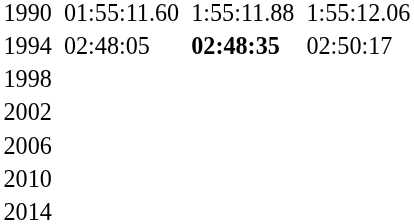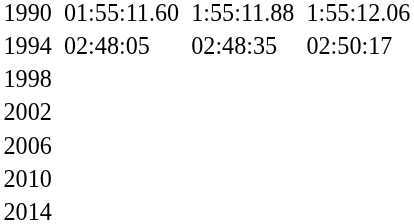 <table>
 <tr>
 <td>1990</td>
 <td></td>
 <td>01:55:11.60</td>
 <td></td>
 <td>1:55:11.88</td>
 <td></td>
 <td>1:55:12.06</td>
 </tr>
 <tr>
 <td>1994</td>
 <td></td>
 <td>02:48:05</td>
 <td></td>
-<td><strong>02:48:35</strong></td>
+<td>02:48:35</td>
 <td></td>
 <td>02:50:17</td>
 </tr>
 <tr>
 <td>1998</td>
 <td></td>
 <td></td>
 <td></td>
 <td></td>
 <td></td>
 <td></td>
 </tr>
 <tr>
 <td>2002</td>
 <td></td>
 <td></td>
 <td></td>
 <td></td>
 <td></td>
 <td></td>
 </tr>
 <tr>
 <td>2006<br></td>
 <td></td>
 <td></td>
 <td></td>
 <td></td>
 <td></td>
 <td></td>
 </tr>
 <tr>
 <td>2010<br></td>
 <td></td>
 <td></td>
 <td></td>
 <td></td>
 <td></td>
 <td></td>
 </tr>
 <tr>
 <td>2014<br></td>
 <td></td>
 <td></td>
 <td></td>
 <td></td>
 <td></td>
 <td></td>
 </tr>
 </table>
